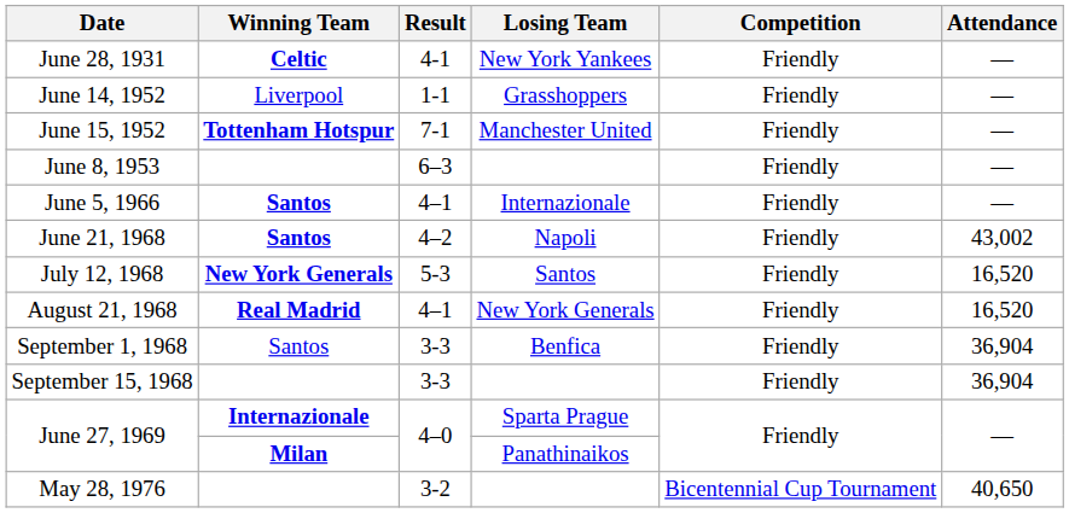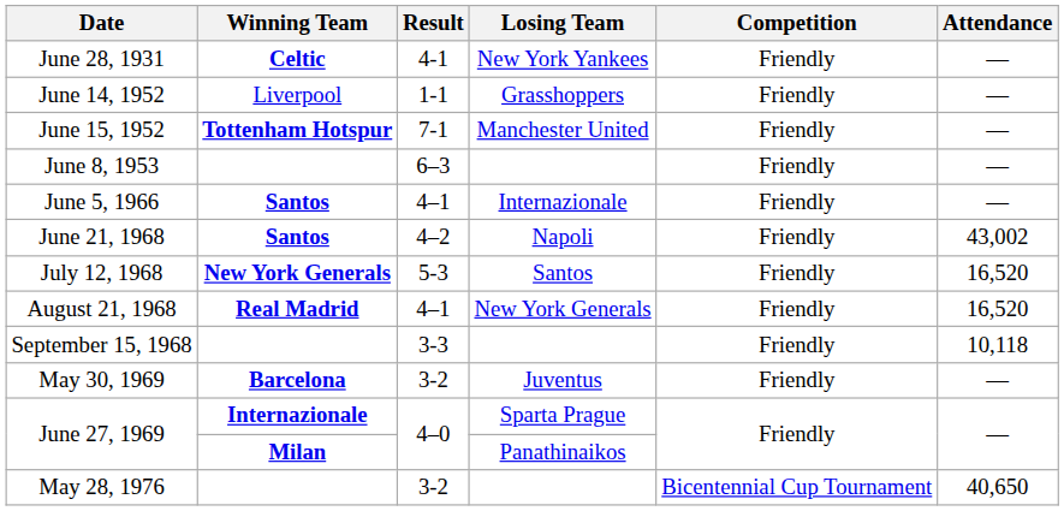 <table class="wikitable" align=center style="margin-left:15px; text-align:center; background:#ffffff;">
 <tr>
 <th style="text-align:center; ">Date</th>
 <th style="text-align:center; ">Winning Team</th>
 <th style="text-align:center; ">Result</th>
 <th style="text-align:center; ">Losing Team</th>
 <th style="text-align:center; ">Competition</th>
 <th style="text-align:center; ">Attendance</th>
 </tr>
 <tr>
 <td style="text-align:center;">June 28, 1931</td>
 <td><strong> <a href='#'>Celtic</a></strong></td>
 <td style="text-align:center;">4-1</td>
 <td> <a href='#'>New York Yankees</a></td>
 <td style="text-align:center;">Friendly</td>
 <td style="text-align:center;">—</td>
 </tr>
 <tr>
 <td style="text-align:center;">June 14, 1952</td>
 <td> <a href='#'>Liverpool</a></td>
 <td style="text-align:center;">1-1</td>
 <td> <a href='#'>Grasshoppers</a></td>
 <td style="text-align:center;">Friendly</td>
 <td style="text-align:center;">—</td>
 </tr>
 <tr>
 <td style="text-align:center;">June 15, 1952</td>
 <td><strong> <a href='#'>Tottenham Hotspur</a></strong></td>
 <td style="text-align:center;">7-1</td>
 <td> <a href='#'>Manchester United</a></td>
 <td style="text-align:center;">Friendly</td>
 <td style="text-align:center;">—</td>
 </tr>
 <tr>
 <td style="text-align:center;">June 8, 1953</td>
 <td><strong></strong></td>
 <td style="text-align:center;">6–3</td>
 <td></td>
 <td style="text-align:center;">Friendly</td>
 <td style="text-align:center;">—</td>
 </tr>
 <tr>
 <td style="text-align:center;">June 5, 1966</td>
 <td><strong> <a href='#'>Santos</a></strong></td>
 <td style="text-align:center;">4–1</td>
 <td> <a href='#'>Internazionale</a></td>
 <td style="text-align:center;">Friendly</td>
 <td style="text-align:center;">—</td>
 </tr>
 <tr>
 <td style="text-align:center;">June 21, 1968</td>
 <td><strong> <a href='#'>Santos</a></strong></td>
 <td style="text-align:center;">4–2</td>
 <td> <a href='#'>Napoli</a></td>
 <td style="text-align:center;">Friendly</td>
 <td style="text-align:center;">43,002</td>
 </tr>
 <tr>
 <td style="text-align:center;">July 12, 1968</td>
 <td><strong> <a href='#'>New York Generals</a></strong></td>
 <td style="text-align:center;">5-3</td>
 <td> <a href='#'>Santos</a></td>
 <td style="text-align:center;">Friendly</td>
 <td style="text-align:center;">16,520</td>
 </tr>
 <tr>
 <td style="text-align:center;">August 21, 1968</td>
 <td><strong> <a href='#'>Real Madrid</a></strong></td>
 <td style="text-align:center;">4–1</td>
 <td> <a href='#'>New York Generals</a></td>
 <td style="text-align:center;">Friendly</td>
 <td style="text-align:center;">16,520</td>
 </tr>
 <tr>
-<td style="text-align:center;">September 1, 1968</td>
-<td> <a href='#'>Santos</a></td>
-<td style="text-align:center;">3-3</td>
-<td> <a href='#'>Benfica</a></td>
-<td style="text-align:center;">Friendly</td>
-<td style="text-align:center;">36,904</td>
-</tr>
-<tr>
 <td style="text-align:center;">September 15, 1968</td>
 <td></td>
 <td style="text-align:center;">3-3</td>
 <td></td>
 <td style="text-align:center;">Friendly</td>
-<td style="text-align:center;">36,904</td>
+<td style="text-align:center;">10,118</td>
+</tr>
+<tr>
+<td style="text-align:center;">May 30, 1969</td>
+<td><strong> <a href='#'>Barcelona</a></strong></td>
+<td style="text-align:center;">3-2</td>
+<td> <a href='#'>Juventus</a></td>
+<td style="text-align:center;">Friendly</td>
+<td style="text-align:center;">—</td>
 </tr>
 <tr>
 <td style="text-align:center;" rowspan=2>June 27, 1969</td>
 <td><strong> <a href='#'>Internazionale</a></strong></td>
 <td style="text-align:center;" rowspan=2>4–0</td>
 <td> <a href='#'>Sparta Prague</a></td>
 <td style="text-align:center;" rowspan=2>Friendly</td>
 <td style="text-align:center;" rowspan=2>—</td>
 </tr>
 <tr>
 <td><strong> <a href='#'>Milan</a></strong></td>
 <td> <a href='#'>Panathinaikos</a></td>
 </tr>
 <tr>
 <td style="text-align:center;">May 28, 1976</td>
 <td><strong></strong></td>
 <td style="text-align:center;">3-2</td>
 <td></td>
 <td style="text-align:center;"><a href='#'>Bicentennial Cup Tournament</a></td>
 <td style="text-align:center;">40,650</td>
 </tr>
 </table>
